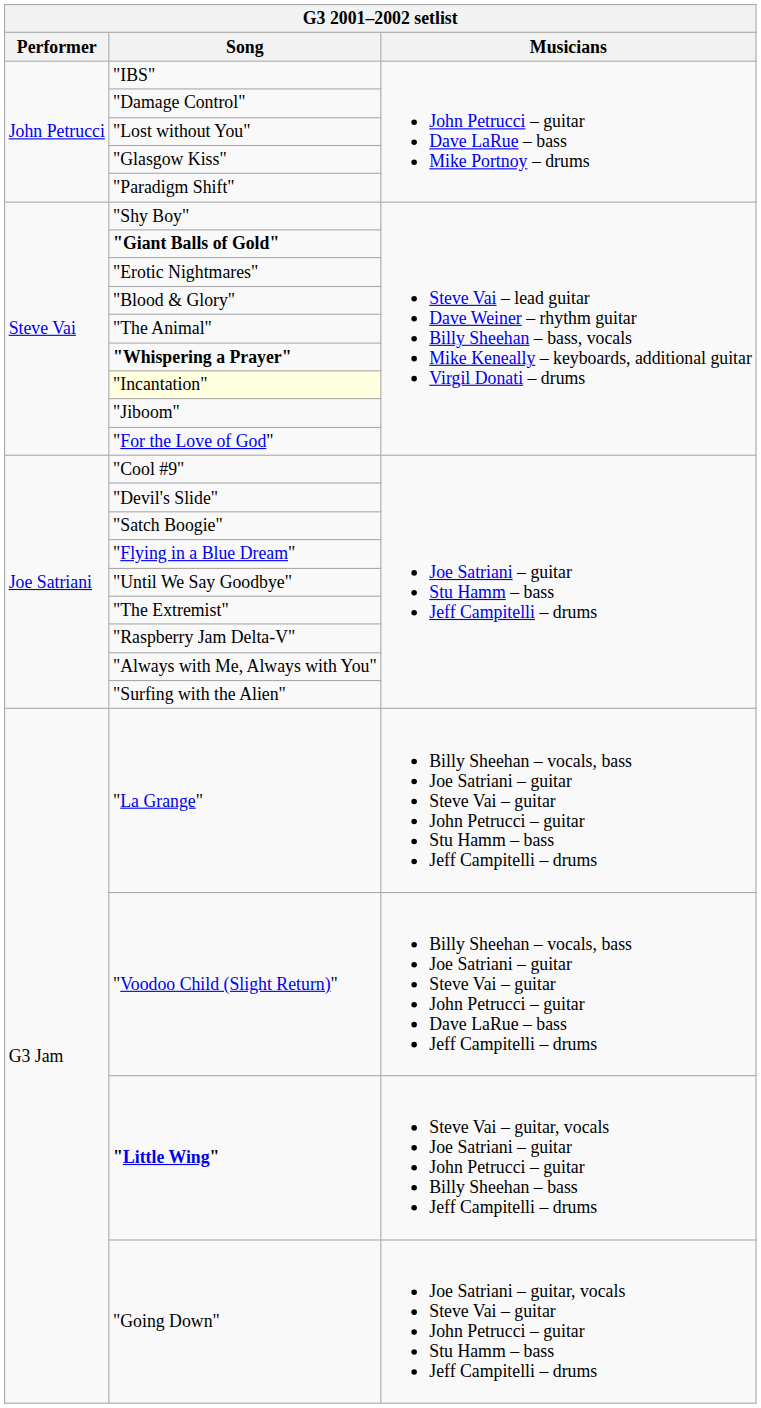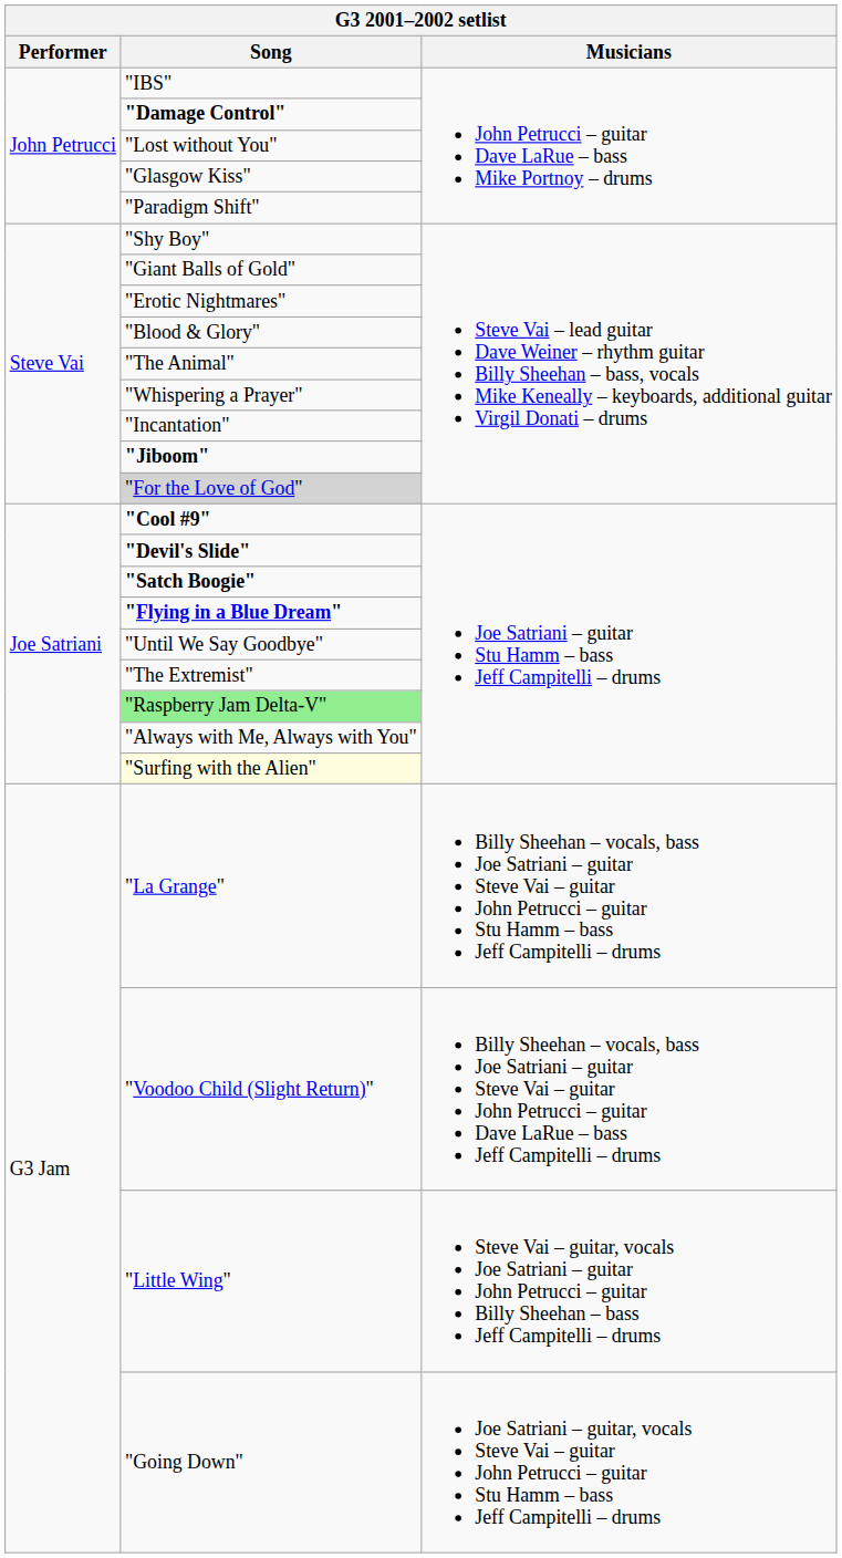 <table class="wikitable collapsible collapsed">
 <tr>
 <th colspan="3">G3 2001–2002 setlist</th>
 </tr>
 <tr>
 <th>Performer</th>
 <th>Song</th>
 <th>Musicians</th>
 </tr>
 <tr>
 <td rowspan=5><a href='#'>John Petrucci</a></td>
 <td>"IBS"</td>
 <td rowspan=5><br><ul><li><a href='#'>John Petrucci</a> – guitar</li><li><a href='#'>Dave LaRue</a> – bass</li><li><a href='#'>Mike Portnoy</a> – drums</li></ul></td>
 </tr>
 <tr>
-<td>"Damage Control"</td>
+<td><strong>"Damage Control"</strong></td>
 </tr>
 <tr>
 <td>"Lost without You"</td>
 </tr>
 <tr>
 <td>"Glasgow Kiss"</td>
 </tr>
 <tr>
 <td>"Paradigm Shift"</td>
 </tr>
 <tr>
 <td rowspan=9><a href='#'>Steve Vai</a></td>
 <td>"Shy Boy"</td>
 <td rowspan=9><br><ul><li><a href='#'>Steve Vai</a> – lead guitar</li><li><a href='#'>Dave Weiner</a> – rhythm guitar</li><li><a href='#'>Billy Sheehan</a> – bass, vocals</li><li><a href='#'>Mike Keneally</a> – keyboards, additional guitar</li><li><a href='#'>Virgil Donati</a> – drums</li></ul></td>
 </tr>
 <tr>
-<td><strong>"Giant Balls of Gold"</strong></td>
+<td>"Giant Balls of Gold"</td>
 </tr>
 <tr>
 <td>"Erotic Nightmares"</td>
 </tr>
 <tr>
 <td>"Blood & Glory"</td>
 </tr>
 <tr>
 <td>"The Animal"</td>
 </tr>
 <tr>
-<td><strong>"Whispering a Prayer"</strong></td>
+<td>"Whispering a Prayer"</td>
 </tr>
 <tr>
-<td style="background: lightyellow;">"Incantation"</td>
+<td>"Incantation"</td>
 </tr>
 <tr>
-<td>"Jiboom"</td>
+<td><strong>"Jiboom"</strong></td>
 </tr>
 <tr>
-<td>"<a href='#'>For the Love of God</a>"</td>
+<td style="background: lightgrey;">"<a href='#'>For the Love of God</a>"</td>
 </tr>
 <tr>
 <td rowspan=9><a href='#'>Joe Satriani</a></td>
-<td>"Cool #9"</td>
+<td><strong>"Cool #9"</strong></td>
 <td rowspan=9><br><ul><li><a href='#'>Joe Satriani</a> – guitar</li><li><a href='#'>Stu Hamm</a> – bass</li><li><a href='#'>Jeff Campitelli</a> – drums</li></ul></td>
 </tr>
 <tr>
-<td>"Devil's Slide"</td>
+<td><strong>"Devil's Slide"</strong></td>
 </tr>
 <tr>
-<td>"Satch Boogie"</td>
+<td><strong>"Satch Boogie"</strong></td>
 </tr>
 <tr>
-<td>"<a href='#'>Flying in a Blue Dream</a>"</td>
+<td><strong>"<a href='#'>Flying in a Blue Dream</a>"</strong></td>
 </tr>
 <tr>
 <td>"Until We Say Goodbye"</td>
 </tr>
 <tr>
 <td>"The Extremist"</td>
 </tr>
 <tr>
-<td>"Raspberry Jam Delta-V"</td>
+<td style="background: lightgreen;">"Raspberry Jam Delta-V"</td>
 </tr>
 <tr>
 <td>"Always with Me, Always with You"</td>
 </tr>
 <tr>
-<td>"Surfing with the Alien"</td>
+<td style="background: lightyellow;">"Surfing with the Alien"</td>
 </tr>
 <tr>
 <td rowspan=4>G3 Jam</td>
 <td>"<a href='#'>La Grange</a>"</td>
 <td><br><ul><li>Billy Sheehan – vocals, bass</li><li>Joe Satriani – guitar</li><li>Steve Vai – guitar</li><li>John Petrucci – guitar</li><li>Stu Hamm – bass</li><li>Jeff Campitelli – drums</li></ul></td>
 </tr>
 <tr>
 <td>"<a href='#'>Voodoo Child (Slight Return)</a>"</td>
 <td><br><ul><li>Billy Sheehan – vocals, bass</li><li>Joe Satriani – guitar</li><li>Steve Vai – guitar</li><li>John Petrucci – guitar</li><li>Dave LaRue – bass</li><li>Jeff Campitelli – drums</li></ul></td>
 </tr>
 <tr>
-<td><strong>"<a href='#'>Little Wing</a>"</strong></td>
+<td>"<a href='#'>Little Wing</a>"</td>
 <td><br><ul><li>Steve Vai – guitar, vocals</li><li>Joe Satriani – guitar</li><li>John Petrucci – guitar</li><li>Billy Sheehan – bass</li><li>Jeff Campitelli – drums</li></ul></td>
 </tr>
 <tr>
 <td>"Going Down"</td>
 <td><br><ul><li>Joe Satriani – guitar, vocals</li><li>Steve Vai – guitar</li><li>John Petrucci – guitar</li><li>Stu Hamm – bass</li><li>Jeff Campitelli – drums</li></ul></td>
 </tr>
 </table>
